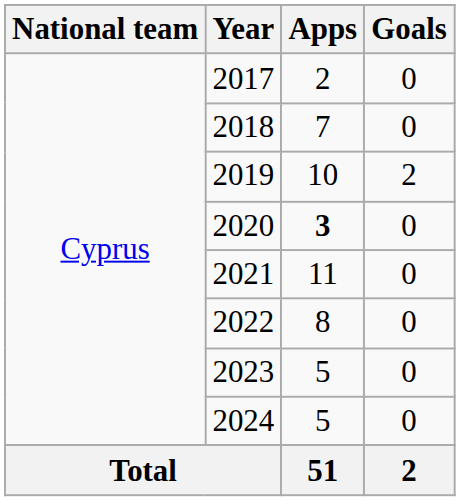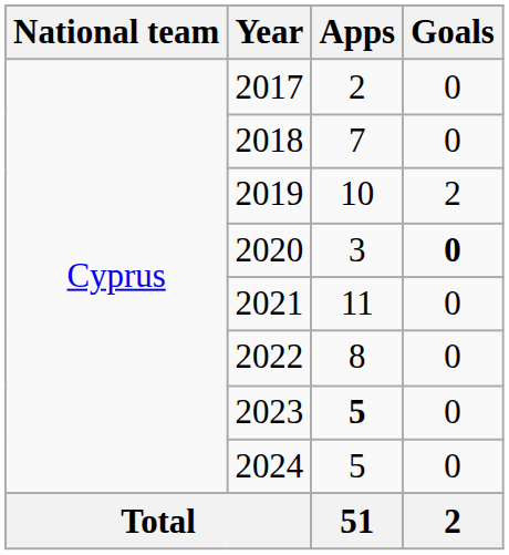 <table class="wikitable" style="text-align:center">
 <tr>
 <th>National team</th>
 <th>Year</th>
 <th>Apps</th>
 <th>Goals</th>
 </tr>
 <tr>
 <td rowspan="8"><a href='#'>Cyprus</a></td>
 <td>2017</td>
 <td>2</td>
 <td>0</td>
 </tr>
 <tr>
 <td>2018</td>
 <td>7</td>
 <td>0</td>
 </tr>
 <tr>
 <td>2019</td>
 <td>10</td>
 <td>2</td>
 </tr>
 <tr>
 <td>2020</td>
-<td><strong>3</strong></td>
-<td>0</td>
+<td>3</td>
+<td><strong>0</strong></td>
 </tr>
 <tr>
 <td>2021</td>
 <td>11</td>
 <td>0</td>
 </tr>
 <tr>
 <td>2022</td>
 <td>8</td>
 <td>0</td>
 </tr>
 <tr>
 <td>2023</td>
-<td>5</td>
+<td><strong>5</strong></td>
 <td>0</td>
 </tr>
 <tr>
 <td>2024</td>
 <td>5</td>
 <td>0</td>
 </tr>
 <tr>
 <th colspan="2">Total</th>
 <th>51</th>
 <th>2</th>
 </tr>
 </table>
